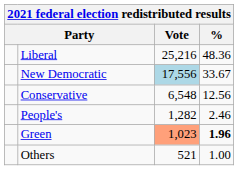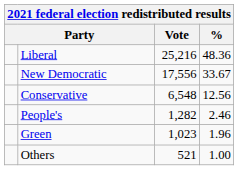 <table class="wikitable">
 <tr>
 <th colspan="4"><a href='#'>2021 federal election</a> redistributed results</th>
 </tr>
 <tr>
 <th bgcolor="#DDDDFF" width="130px" colspan="2">Party</th>
 <th bgcolor="#DDDDFF" width="50px">Vote</th>
 <th bgcolor="#DDDDFF" width="30px">%</th>
 </tr>
 <tr>
 <td> </td>
 <td><a href='#'>Liberal</a></td>
 <td align=right>25,216</td>
 <td align=right>48.36</td>
 </tr>
 <tr>
 <td> </td>
 <td><a href='#'>New Democratic</a></td>
-<td align=right style="background: lightblue;">17,556</td>
+<td align=right>17,556</td>
 <td align=right>33.67</td>
 </tr>
 <tr>
 <td> </td>
 <td><a href='#'>Conservative</a></td>
 <td align=right>6,548</td>
 <td align=right>12.56</td>
 </tr>
 <tr>
 <td> </td>
 <td><a href='#'>People's</a></td>
 <td align=right>1,282</td>
 <td align=right>2.46</td>
 </tr>
 <tr>
 <td> </td>
 <td><a href='#'>Green</a></td>
-<td align=right style="background: lightsalmon;">1,023</td>
-<td align=right><strong>1.96</strong></td>
+<td align=right>1,023</td>
+<td align=right>1.96</td>
 </tr>
 <tr>
 <td> </td>
 <td>Others</td>
 <td align=right>521</td>
 <td align=right>1.00</td>
 </tr>
 </table>
